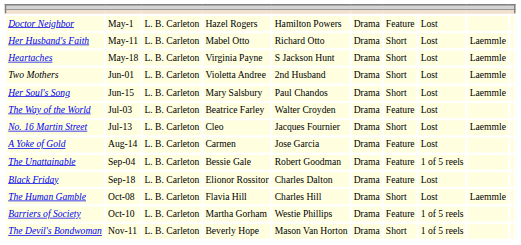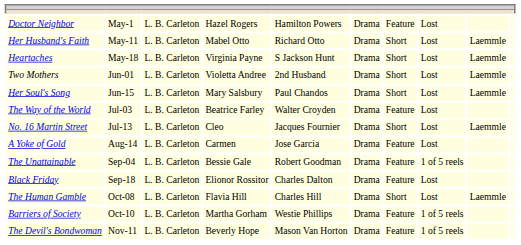 <table class="wikitable mw-collapsible mw-collapsed" style="background:lightyellow; border:2px solid gray;font-size:80%; ">
 <tr>
 <th colspan="18" style="border:1px solid #808080;background: lightgrey;"></th>
 </tr>
 <tr>
 <th style="border: 0px solid #FFFAF5; background:#F2E0CE"></th>
 <th style="border:0px solid #FFFAF5; background:#F2E0CE"></th>
 <th style="border:0px solid #FFFAF5; background:#F2E0CE"></th>
 <th style="border:0px solid #FFFAF5; background:#F2E0CE"></th>
 <th style="border:0px solid #FFFAF5; background:#F2E0CE"></th>
 <th style="border:0px solid #FFFAF5; background:#F2E0CE"></th>
 <th style="border:0px solid #FFFAF5; background:#F2E0CE"></th>
 <th style="border:0px solid #FFFAF5; background:#F2E0CE"></th>
 <th style="border:0px solid #FFFAF5; background:#F2E0CE"></th>
 <th style="border:0px solid #FFFAF5; background:#F2E0CE"></th>
 </tr>
 <tr>
 <td style="border:3px solid #FFFFFF"><em><a href='#'>Doctor Neighbor</a></em></td>
 <td style="border:3px solid #FFFFFF">May-1</td>
 <td style="border:3px solid #FFFFFF">L. B. Carleton</td>
 <td style="border:3px solid #FFFFFF">Hazel Rogers</td>
 <td style="border:3px solid #FFFFFF">Hamilton Powers</td>
 <td style="border:3px solid #FFFFFF">Drama</td>
 <td style="border:3px solid #FFFFFF">Feature</td>
 <td style="border:3px solid #FFFFFF">Lost</td>
 <td style="border:3px solid #FFFFFF"></td>
 <td style="border:3px solid #FFFFFF"></td>
 </tr>
 <tr>
 <td style="border:3px solid #FFFFFF"><em><a href='#'>Her Husband's Faith</a></em></td>
 <td style="border:3px solid #FFFFFF">May-11</td>
 <td style="border:3px solid #FFFFFF">L. B. Carleton</td>
 <td style="border:3px solid #FFFFFF">Mabel Otto</td>
 <td style="border:3px solid #FFFFFF">Richard Otto</td>
 <td style="border:3px solid #FFFFFF">Drama</td>
 <td style="border:3px solid #FFFFFF">Short</td>
 <td style="border:3px solid #FFFFFF">Lost</td>
 <td style="border:3px solid #FFFFFF">Laemmle</td>
 <td style="border:3px solid #FFFFFF"></td>
 </tr>
 <tr>
 <td style="border:3px solid #FFFFFF"><em><a href='#'>Heartaches</a> </em></td>
 <td style="border:3px solid #FFFFFF">May-18</td>
 <td style="border:3px solid #FFFFFF">L. B. Carleton</td>
 <td style="border:3px solid #FFFFFF">Virginia Payne</td>
 <td style="border:3px solid #FFFFFF">S Jackson Hunt</td>
 <td style="border:3px solid #FFFFFF">Drama</td>
 <td style="border:3px solid #FFFFFF">Short</td>
 <td style="border:3px solid #FFFFFF">Lost</td>
 <td style="border:3px solid #FFFFFF">Laemmle</td>
 <td style="border:3px solid #FFFFFF"></td>
 </tr>
 <tr>
 <td style="border:3px solid #FFFFFF"><em>Two Mothers</em></td>
 <td style="border:3px solid #FFFFFF">Jun-01</td>
 <td style="border:3px solid #FFFFFF">L. B. Carleton</td>
 <td style="border:3px solid #FFFFFF">Violetta Andree</td>
 <td style="border:3px solid #FFFFFF">2nd Husband</td>
 <td style="border:3px solid #FFFFFF">Drama</td>
 <td style="border:3px solid #FFFFFF">Short</td>
 <td style="border:3px solid #FFFFFF">Lost</td>
 <td style="border:3px solid #FFFFFF">Laemmle</td>
 <td style="border:3px solid #FFFFFF"></td>
 </tr>
 <tr>
 <td style="border:3px solid #FFFFFF"><em><a href='#'>Her Soul's Song</a></em></td>
 <td style="border:3px solid #FFFFFF">Jun-15</td>
 <td style="border:3px solid #FFFFFF">L. B. Carleton</td>
 <td style="border:3px solid #FFFFFF">Mary Salsbury</td>
 <td style="border:3px solid #FFFFFF">Paul Chandos</td>
 <td style="border:3px solid #FFFFFF">Drama</td>
 <td style="border:3px solid #FFFFFF">Short</td>
 <td style="border:3px solid #FFFFFF">Lost</td>
 <td style="border:3px solid #FFFFFF">Laemmle</td>
 <td style="border:3px solid #FFFFFF"></td>
 </tr>
 <tr>
 <td style="border:3px solid #FFFFFF"><em><a href='#'>The Way of the World</a></em></td>
 <td style="border:3px solid #FFFFFF">Jul-03</td>
 <td style="border:3px solid #FFFFFF">L. B. Carleton</td>
 <td style="border:3px solid #FFFFFF">Beatrice Farley</td>
 <td style="border:3px solid #FFFFFF">Walter Croyden</td>
 <td style="border:3px solid #FFFFFF">Drama</td>
 <td style="border:3px solid #FFFFFF">Feature</td>
 <td style="border:3px solid #FFFFFF">Lost</td>
 <td style="border:3px solid #FFFFFF"></td>
 <td style="border:3px solid #FFFFFF"></td>
 </tr>
 <tr>
 <td style="border:3px solid #FFFFFF"><em><a href='#'>No. 16 Martin Street</a></em></td>
 <td style="border:3px solid #FFFFFF">Jul-13</td>
 <td style="border:3px solid #FFFFFF">L. B. Carleton</td>
 <td style="border:3px solid #FFFFFF">Cleo</td>
 <td style="border:3px solid #FFFFFF">Jacques Fournier</td>
 <td style="border:3px solid #FFFFFF">Drama</td>
 <td style="border:3px solid #FFFFFF">Short</td>
 <td style="border:3px solid #FFFFFF">Lost</td>
 <td style="border:3px solid #FFFFFF">Laemmle</td>
 <td style="border:3px solid #FFFFFF"></td>
 </tr>
 <tr>
 <td style="border:3px solid #FFFFFF"><em><a href='#'>A Yoke of Gold</a></em></td>
 <td style="border:3px solid #FFFFFF">Aug-14</td>
 <td style="border:3px solid #FFFFFF">L. B. Carleton</td>
 <td style="border:3px solid #FFFFFF">Carmen</td>
 <td style="border:3px solid #FFFFFF">Jose Garcia</td>
 <td style="border:3px solid #FFFFFF">Drama</td>
 <td style="border:3px solid #FFFFFF">Feature</td>
 <td style="border:3px solid #FFFFFF">Lost</td>
 <td style="border:3px solid #FFFFFF"></td>
 <td style="border:3px solid #FFFFFF"></td>
 </tr>
 <tr>
 <td style="border:3px solid #FFFFFF"><em><a href='#'>The Unattainable</a></em></td>
 <td style="border:3px solid #FFFFFF">Sep-04</td>
 <td style="border:3px solid #FFFFFF">L. B. Carleton</td>
 <td style="border:3px solid #FFFFFF">Bessie Gale</td>
 <td style="border:3px solid #FFFFFF">Robert Goodman</td>
 <td style="border:3px solid #FFFFFF">Drama</td>
 <td style="border:3px solid #FFFFFF">Feature</td>
 <td style="border:3px solid #FFFFFF">1 of 5 reels</td>
 <td style="border:3px solid #FFFFFF"></td>
 <td style="border:3px solid #FFFFFF"></td>
 </tr>
 <tr>
 <td style="border:3px solid #FFFFFF"><em><a href='#'>Black Friday</a></em></td>
 <td style="border:3px solid #FFFFFF">Sep-18</td>
 <td style="border:3px solid #FFFFFF">L. B. Carleton</td>
 <td style="border:3px solid #FFFFFF">Elionor Rossitor</td>
 <td style="border:3px solid #FFFFFF">Charles Dalton</td>
 <td style="border:3px solid #FFFFFF">Drama</td>
 <td style="border:3px solid #FFFFFF">Feature</td>
 <td style="border:3px solid #FFFFFF">Lost</td>
 <td style="border:3px solid #FFFFFF"></td>
 <td style="border:3px solid #FFFFFF"></td>
 </tr>
 <tr>
 <td style="border:3px solid #FFFFFF"><em><a href='#'>The Human Gamble</a></em></td>
 <td style="border:3px solid #FFFFFF">Oct-08</td>
 <td style="border:3px solid #FFFFFF">L. B. Carleton</td>
 <td style="border:3px solid #FFFFFF">Flavia Hill</td>
 <td style="border:3px solid #FFFFFF">Charles Hill</td>
 <td style="border:3px solid #FFFFFF">Drama</td>
 <td style="border:3px solid #FFFFFF">Short</td>
 <td style="border:3px solid #FFFFFF">Lost</td>
 <td style="border:3px solid #FFFFFF">Laemmle</td>
 <td style="border:3px solid #FFFFFF"></td>
 </tr>
 <tr>
 <td style="border:3px solid #FFFFFF"><em><a href='#'>Barriers of Society</a></em></td>
 <td style="border:3px solid #FFFFFF">Oct-10</td>
 <td style="border:3px solid #FFFFFF">L. B. Carleton</td>
 <td style="border:3px solid #FFFFFF">Martha Gorham</td>
 <td style="border:3px solid #FFFFFF">Westie Phillips</td>
 <td style="border:3px solid #FFFFFF">Drama</td>
 <td style="border:3px solid #FFFFFF">Feature</td>
 <td style="border:3px solid #FFFFFF">1 of 5 reels</td>
 <td style="border:3px solid #FFFFFF"></td>
 <td style="border:3px solid #FFFFFF"></td>
 </tr>
 <tr>
 <td style="border:3px solid #FFFFFF"><em><a href='#'>The Devil's Bondwoman</a></em></td>
 <td style="border:3px solid #FFFFFF">Nov-11</td>
 <td style="border:3px solid #FFFFFF">L. B. Carleton</td>
 <td style="border:3px solid #FFFFFF">Beverly Hope</td>
 <td style="border:3px solid #FFFFFF">Mason Van Horton</td>
 <td style="border:3px solid #FFFFFF">Drama</td>
-<td style="border:3px solid #FFFFFF">Short</td>
+<td style="border:3px solid #FFFFFF">Feature</td>
 <td style="border:3px solid #FFFFFF">1 of 5 reels</td>
 <td style="border:3px solid #FFFFFF"></td>
 <td style="border:3px solid #FFFFFF"></td>
 </tr>
 </table>
